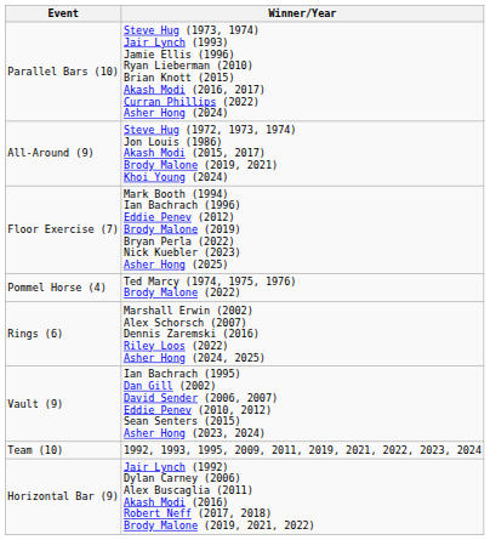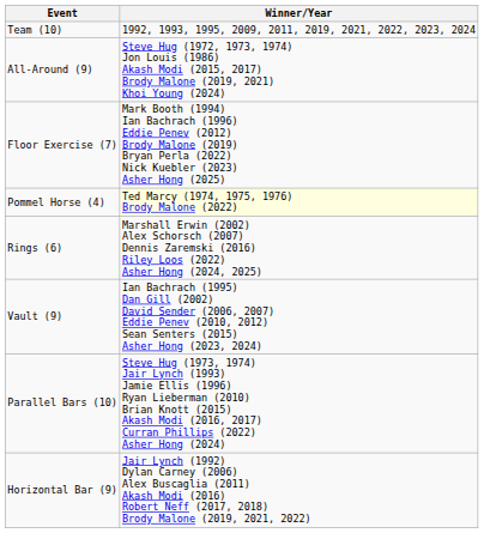 <table class="wikitable">
 <tr>
 <th>Event</th>
 <th>Winner/Year</th>
 </tr>
 <tr>
-<td>Parallel Bars (10)</td>
-<td><a href='#'>Steve Hug</a> (1973, 1974)<br><a href='#'>Jair Lynch</a> (1993)<br>Jamie Ellis (1996)<br>Ryan Lieberman (2010)<br>Brian Knott (2015)<br><a href='#'>Akash Modi</a> (2016, 2017)<br><a href='#'>Curran Phillips</a> (2022)<br><a href='#'>Asher Hong</a> (2024)</td>
+<td>Team (10)</td>
+<td>1992, 1993, 1995, 2009, 2011, 2019, 2021, 2022, 2023, 2024</td>
 </tr>
 <tr>
 <td>All-Around (9)</td>
 <td><a href='#'>Steve Hug</a> (1972, 1973, 1974)<br>Jon Louis (1986)<br><a href='#'>Akash Modi</a> (2015, 2017)<br><a href='#'>Brody Malone</a> (2019, 2021)<br><a href='#'>Khoi Young</a> (2024)</td>
 </tr>
 <tr>
 <td>Floor Exercise (7)</td>
 <td>Mark Booth (1994)<br>Ian Bachrach (1996)<br><a href='#'>Eddie Penev</a> (2012)<br><a href='#'>Brody Malone</a> (2019)<br>Bryan Perla (2022)<br>Nick Kuebler (2023)<br><a href='#'>Asher Hong</a> (2025)</td>
 </tr>
 <tr>
 <td>Pommel Horse (4)</td>
-<td>Ted Marcy (1974, 1975, 1976)<br><a href='#'>Brody Malone</a> (2022)</td>
+<td style="background: lightyellow;">Ted Marcy (1974, 1975, 1976)<br><a href='#'>Brody Malone</a> (2022)</td>
 </tr>
 <tr>
 <td>Rings (6)</td>
 <td>Marshall Erwin (2002)<br>Alex Schorsch (2007)<br>Dennis Zaremski (2016)<br><a href='#'>Riley Loos</a> (2022)<br><a href='#'>Asher Hong</a> (2024, 2025)</td>
 </tr>
 <tr>
 <td>Vault (9)</td>
 <td>Ian Bachrach (1995)<br><a href='#'>Dan Gill</a> (2002)<br><a href='#'>David Sender</a> (2006, 2007)<br><a href='#'>Eddie Penev</a> (2010, 2012)<br>Sean Senters (2015)<br><a href='#'>Asher Hong</a> (2023, 2024)</td>
 </tr>
 <tr>
-<td>Team (10)</td>
-<td>1992, 1993, 1995, 2009, 2011, 2019, 2021, 2022, 2023, 2024</td>
+<td>Parallel Bars (10)</td>
+<td><a href='#'>Steve Hug</a> (1973, 1974)<br><a href='#'>Jair Lynch</a> (1993)<br>Jamie Ellis (1996)<br>Ryan Lieberman (2010)<br>Brian Knott (2015)<br><a href='#'>Akash Modi</a> (2016, 2017)<br><a href='#'>Curran Phillips</a> (2022)<br><a href='#'>Asher Hong</a> (2024)</td>
 </tr>
 <tr>
 <td>Horizontal Bar (9)</td>
 <td><a href='#'>Jair Lynch</a> (1992)<br>Dylan Carney (2006)<br>Alex Buscaglia (2011)<br><a href='#'>Akash Modi</a> (2016)<br><a href='#'>Robert Neff</a> (2017, 2018)<br><a href='#'>Brody Malone</a> (2019, 2021, 2022)</td>
 </tr>
 </table>
